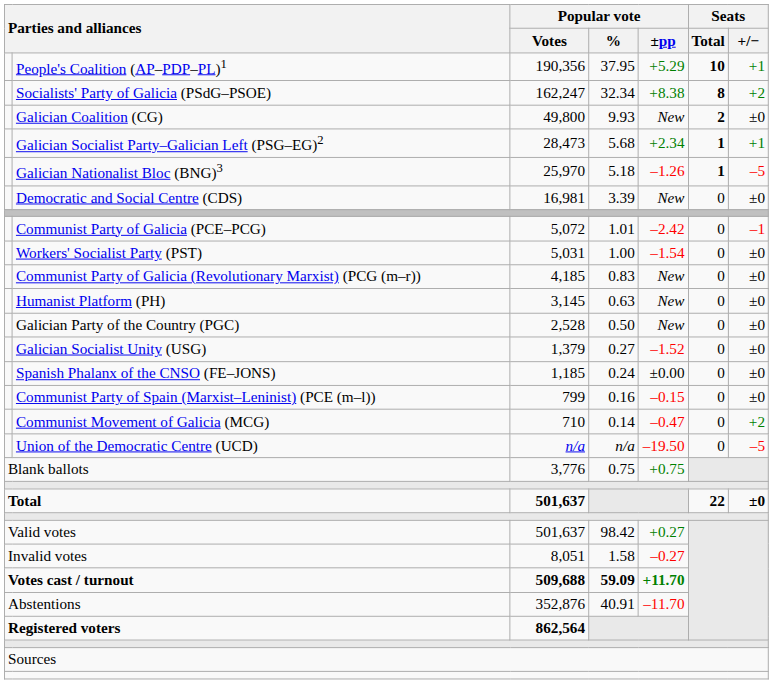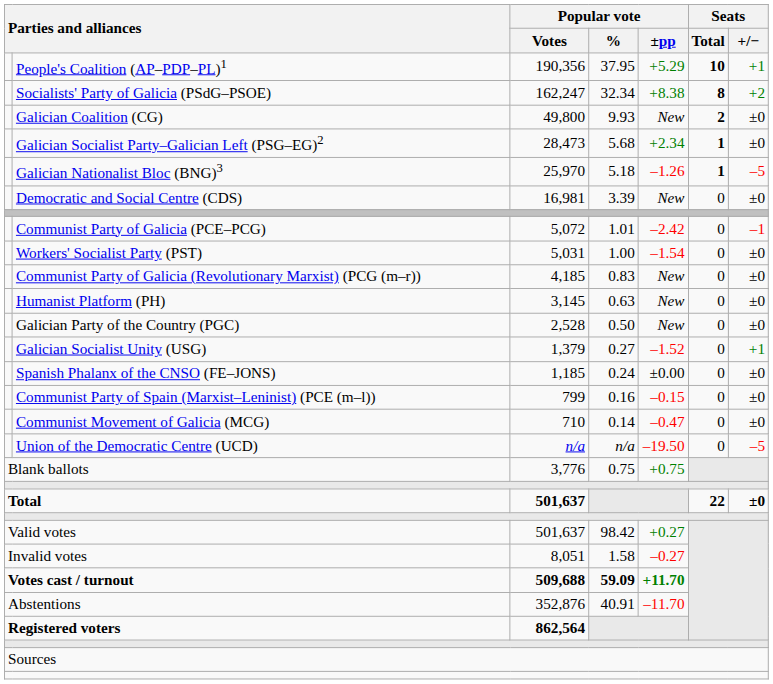 <table class="wikitable" style="text-align:right;">
 <tr>
 <th style="text-align:left;" rowspan="2" colspan="2" width="525">Parties and alliances</th>
 <th colspan="3">Popular vote</th>
 <th colspan="2">Seats</th>
 </tr>
 <tr>
 <th width="75">Votes</th>
 <th width="45">%</th>
 <th width="45">±<a href='#'>pp</a></th>
 <th width="35">Total</th>
 <th width="35">+/−</th>
 </tr>
 <tr>
 <td width="1" style="color:inherit;background:"></td>
 <td align="left"><a href='#'>People's Coalition</a> (<a href='#'>AP</a>–<a href='#'>PDP</a>–<a href='#'>PL</a>)<sup>1</sup></td>
 <td>190,356</td>
 <td>37.95</td>
 <td style="color:green;">+5.29</td>
 <td><strong>10</strong></td>
 <td style="color:green;">+1</td>
 </tr>
 <tr>
 <td style="color:inherit;background:"></td>
 <td align="left"><a href='#'>Socialists' Party of Galicia</a> (PSdG–PSOE)</td>
 <td>162,247</td>
 <td>32.34</td>
 <td style="color:green;">+8.38</td>
 <td><strong>8</strong></td>
 <td style="color:green;">+2</td>
 </tr>
 <tr>
 <td style="color:inherit;background:"></td>
 <td align="left"><a href='#'>Galician Coalition</a> (CG)</td>
 <td>49,800</td>
 <td>9.93</td>
 <td><em>New</em></td>
 <td><strong>2</strong></td>
 <td>±0</td>
 </tr>
 <tr>
 <td style="color:inherit;background:"></td>
 <td align="left"><a href='#'>Galician Socialist Party–Galician Left</a> (PSG–EG)<sup>2</sup></td>
 <td>28,473</td>
 <td>5.68</td>
 <td style="color:green;">+2.34</td>
 <td><strong>1</strong></td>
-<td style="color:green;">+1</td>
+<td>±0</td>
 </tr>
 <tr>
 <td style="color:inherit;background:"></td>
 <td align="left"><a href='#'>Galician Nationalist Bloc</a> (BNG)<sup>3</sup></td>
 <td>25,970</td>
 <td>5.18</td>
 <td style="color:red;">–1.26</td>
 <td><strong>1</strong></td>
 <td style="color:red;">–5</td>
 </tr>
 <tr>
 <td style="color:inherit;background:"></td>
 <td align="left"><a href='#'>Democratic and Social Centre</a> (CDS)</td>
 <td>16,981</td>
 <td>3.39</td>
 <td><em>New</em></td>
 <td>0</td>
 <td>±0</td>
 </tr>
 <tr>
 <td colspan="7" bgcolor="#C0C0C0"></td>
 </tr>
 <tr>
 <td style="color:inherit;background:"></td>
 <td align="left"><a href='#'>Communist Party of Galicia</a> (PCE–PCG)</td>
 <td>5,072</td>
 <td>1.01</td>
 <td style="color:red;">–2.42</td>
 <td>0</td>
 <td style="color:red;">–1</td>
 </tr>
 <tr>
 <td style="color:inherit;background:"></td>
 <td align="left"><a href='#'>Workers' Socialist Party</a> (PST)</td>
 <td>5,031</td>
 <td>1.00</td>
 <td style="color:red;">–1.54</td>
 <td>0</td>
 <td>±0</td>
 </tr>
 <tr>
 <td style="color:inherit;background:"></td>
 <td align="left"><a href='#'>Communist Party of Galicia (Revolutionary Marxist)</a> (PCG (m–r))</td>
 <td>4,185</td>
 <td>0.83</td>
 <td><em>New</em></td>
 <td>0</td>
 <td>±0</td>
 </tr>
 <tr>
 <td style="color:inherit;background:"></td>
 <td align="left"><a href='#'>Humanist Platform</a> (PH)</td>
 <td>3,145</td>
 <td>0.63</td>
 <td><em>New</em></td>
 <td>0</td>
 <td>±0</td>
 </tr>
 <tr>
 <td style="color:inherit;background:"></td>
 <td align="left">Galician Party of the Country (PGC)</td>
 <td>2,528</td>
 <td>0.50</td>
 <td><em>New</em></td>
 <td>0</td>
 <td>±0</td>
 </tr>
 <tr>
 <td style="color:inherit;background:"></td>
 <td align="left"><a href='#'>Galician Socialist Unity</a> (USG)</td>
 <td>1,379</td>
 <td>0.27</td>
 <td style="color:red;">–1.52</td>
 <td>0</td>
-<td>±0</td>
+<td style="color:green;">+1</td>
 </tr>
 <tr>
 <td style="color:inherit;background:"></td>
 <td align="left"><a href='#'>Spanish Phalanx of the CNSO</a> (FE–JONS)</td>
 <td>1,185</td>
 <td>0.24</td>
 <td>±0.00</td>
 <td>0</td>
 <td>±0</td>
 </tr>
 <tr>
 <td style="color:inherit;background:"></td>
 <td align="left"><a href='#'>Communist Party of Spain (Marxist–Leninist)</a> (PCE (m–l))</td>
 <td>799</td>
 <td>0.16</td>
 <td style="color:red;">–0.15</td>
 <td>0</td>
 <td>±0</td>
 </tr>
 <tr>
 <td style="color:inherit;background:"></td>
 <td align="left"><a href='#'>Communist Movement of Galicia</a> (MCG)</td>
 <td>710</td>
 <td>0.14</td>
 <td style="color:red;">–0.47</td>
 <td>0</td>
-<td style="color:green;">+2</td>
+<td>±0</td>
 </tr>
 <tr>
 <td style="color:inherit;background:"></td>
 <td align="left"><a href='#'>Union of the Democratic Centre</a> (UCD)</td>
 <td><em><a href='#'>n/a</a></em></td>
 <td><em>n/a</em></td>
 <td style="color:red;">–19.50</td>
 <td>0</td>
 <td style="color:red;">–5</td>
 </tr>
 <tr>
 <td align="left" colspan="2">Blank ballots</td>
 <td>3,776</td>
 <td>0.75</td>
 <td style="color:green;">+0.75</td>
 <td bgcolor="#E9E9E9" colspan="2"></td>
 </tr>
 <tr>
 <td colspan="7" bgcolor="#E9E9E9"></td>
 </tr>
 <tr style="font-weight:bold;">
 <td align="left" colspan="2">Total</td>
 <td>501,637</td>
 <td bgcolor="#E9E9E9" colspan="2"></td>
 <td>22</td>
 <td>±0</td>
 </tr>
 <tr>
 <td colspan="7" bgcolor="#E9E9E9"></td>
 </tr>
 <tr>
 <td align="left" colspan="2">Valid votes</td>
 <td>501,637</td>
 <td>98.42</td>
 <td style="color:green;">+0.27</td>
 <td bgcolor="#E9E9E9" colspan="7" rowspan="5"></td>
 </tr>
 <tr>
 <td align="left" colspan="2">Invalid votes</td>
 <td>8,051</td>
 <td>1.58</td>
 <td style="color:red;">–0.27</td>
 </tr>
 <tr style="font-weight:bold;">
 <td align="left" colspan="2">Votes cast / turnout</td>
 <td>509,688</td>
 <td>59.09</td>
 <td style="color:green;">+11.70</td>
 </tr>
 <tr>
 <td align="left" colspan="2">Abstentions</td>
 <td>352,876</td>
 <td>40.91</td>
 <td style="color:red;">–11.70</td>
 </tr>
 <tr style="font-weight:bold;">
 <td align="left" colspan="2">Registered voters</td>
 <td>862,564</td>
 <td bgcolor="#E9E9E9" colspan="2"></td>
 </tr>
 <tr>
 <td colspan="7" bgcolor="#E9E9E9"></td>
 </tr>
 <tr>
 <td align="left" colspan="7">Sources</td>
 </tr>
 <tr>
 <td colspan="7" style="text-align:left; max-width:790px;"></td>
 </tr>
 </table>
